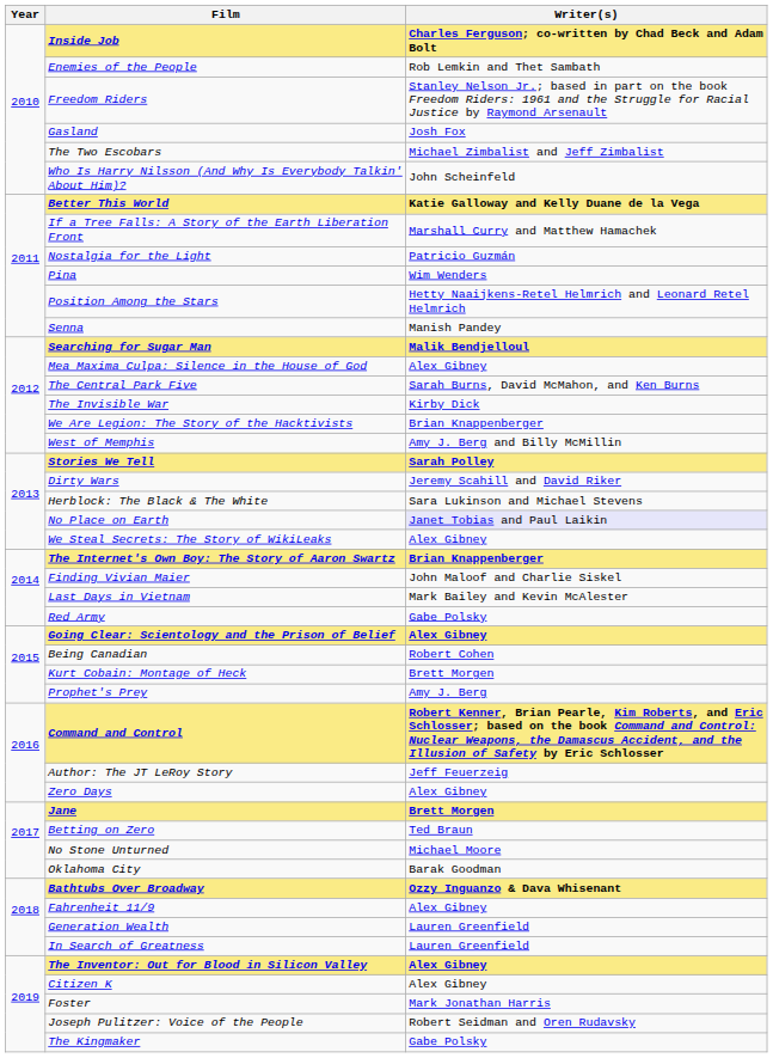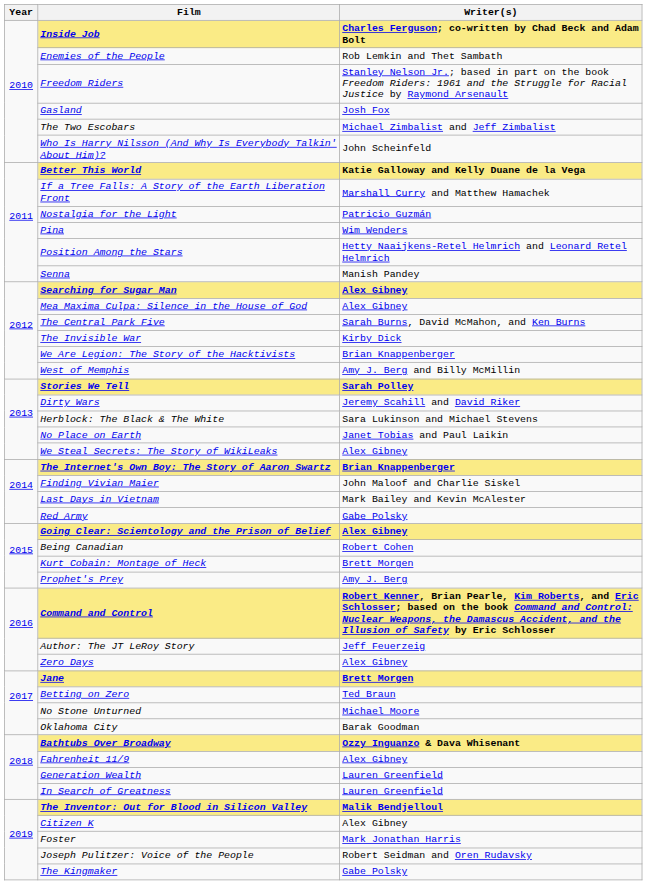 <table class="wikitable" width="95%" cellpadding="5">
 <tr>
 <th width="5%">Year</th>
 <th width="45%">Film</th>
 <th width="45%">Writer(s)</th>
 </tr>
 <tr>
 <td rowspan="6" style="text-align:center;"><a href='#'>2010</a><br><br></td>
 <td style="background:#FAEB86"><strong><em><a href='#'>Inside Job</a></em></strong></td>
 <td style="background:#FAEB86"><strong><a href='#'>Charles Ferguson</a>; co-written by Chad Beck and Adam Bolt</strong></td>
 </tr>
 <tr>
 <td><em><a href='#'>Enemies of the People</a></em></td>
 <td>Rob Lemkin and Thet Sambath</td>
 </tr>
 <tr>
 <td><em><a href='#'>Freedom Riders</a></em></td>
 <td><a href='#'>Stanley Nelson Jr.</a>; based in part on the book <em>Freedom Riders: 1961 and the Struggle for Racial Justice</em> by <a href='#'>Raymond Arsenault</a></td>
 </tr>
 <tr>
 <td><em><a href='#'>Gasland</a></em></td>
 <td><a href='#'>Josh Fox</a></td>
 </tr>
 <tr>
 <td><em>The Two Escobars</em></td>
 <td><a href='#'>Michael Zimbalist</a> and <a href='#'>Jeff Zimbalist</a></td>
 </tr>
 <tr>
 <td><em><a href='#'>Who Is Harry Nilsson (And Why Is Everybody Talkin' About Him)?</a></em></td>
 <td>John Scheinfeld</td>
 </tr>
 <tr>
 <td rowspan="6" style="text-align:center;"><a href='#'>2011</a><br><br></td>
 <td style="background:#FAEB86"><strong><em><a href='#'>Better This World</a></em></strong></td>
 <td style="background:#FAEB86"><strong>Katie Galloway and Kelly Duane de la Vega</strong></td>
 </tr>
 <tr>
 <td><em><a href='#'>If a Tree Falls: A Story of the Earth Liberation Front</a></em></td>
 <td><a href='#'>Marshall Curry</a> and Matthew Hamachek</td>
 </tr>
 <tr>
 <td><em><a href='#'>Nostalgia for the Light</a></em></td>
 <td><a href='#'>Patricio Guzmán</a></td>
 </tr>
 <tr>
 <td><em><a href='#'>Pina</a></em></td>
 <td><a href='#'>Wim Wenders</a></td>
 </tr>
 <tr>
 <td><em><a href='#'>Position Among the Stars</a></em></td>
 <td><a href='#'>Hetty Naaijkens-Retel Helmrich</a> and <a href='#'>Leonard Retel Helmrich</a></td>
 </tr>
 <tr>
 <td><em><a href='#'>Senna</a></em></td>
 <td>Manish Pandey</td>
 </tr>
 <tr>
 <td rowspan="6" style="text-align:center;"><a href='#'>2012</a><br><br></td>
 <td style="background:#FAEB86"><strong><em><a href='#'>Searching for Sugar Man</a></em></strong></td>
-<td style="background:#FAEB86"><strong><a href='#'>Malik Bendjelloul</a></strong></td>
+<td style="background:#FAEB86"><strong><a href='#'>Alex Gibney</a></strong></td>
 </tr>
 <tr>
 <td><em><a href='#'>Mea Maxima Culpa: Silence in the House of God</a></em></td>
 <td><a href='#'>Alex Gibney</a></td>
 </tr>
 <tr>
 <td><em><a href='#'>The Central Park Five</a></em></td>
 <td><a href='#'>Sarah Burns</a>, David McMahon, and <a href='#'>Ken Burns</a></td>
 </tr>
 <tr>
 <td><em><a href='#'>The Invisible War</a></em></td>
 <td><a href='#'>Kirby Dick</a></td>
 </tr>
 <tr>
 <td><em><a href='#'>We Are Legion: The Story of the Hacktivists</a></em></td>
 <td><a href='#'>Brian Knappenberger</a></td>
 </tr>
 <tr>
 <td><em><a href='#'>West of Memphis</a></em></td>
 <td><a href='#'>Amy J. Berg</a> and Billy McMillin</td>
 </tr>
 <tr>
 <td rowspan="5" style="text-align:center;"><a href='#'>2013</a><br><br></td>
 <td style="background:#FAEB86"><strong><em><a href='#'>Stories We Tell</a></em></strong></td>
 <td style="background:#FAEB86"><strong><a href='#'>Sarah Polley</a></strong></td>
 </tr>
 <tr>
 <td><em><a href='#'>Dirty Wars</a></em></td>
 <td><a href='#'>Jeremy Scahill</a> and <a href='#'>David Riker</a></td>
 </tr>
 <tr>
 <td><em>Herblock: The Black & The White</em></td>
 <td>Sara Lukinson and Michael Stevens</td>
 </tr>
 <tr>
 <td><em><a href='#'>No Place on Earth</a></em></td>
-<td style="background: lavender;"><a href='#'>Janet Tobias</a> and Paul Laikin</td>
+<td><a href='#'>Janet Tobias</a> and Paul Laikin</td>
 </tr>
 <tr>
 <td><em><a href='#'>We Steal Secrets: The Story of WikiLeaks</a></em></td>
 <td><a href='#'>Alex Gibney</a></td>
 </tr>
 <tr>
 <td rowspan="4" style="text-align:center;"><a href='#'>2014</a><br><br></td>
 <td style="background:#FAEB86"><strong><em><a href='#'>The Internet's Own Boy: The Story of Aaron Swartz</a></em></strong></td>
 <td style="background:#FAEB86"><strong><a href='#'>Brian Knappenberger</a></strong></td>
 </tr>
 <tr>
 <td><em><a href='#'>Finding Vivian Maier</a></em></td>
 <td>John Maloof and Charlie Siskel</td>
 </tr>
 <tr>
 <td><em><a href='#'>Last Days in Vietnam</a></em></td>
 <td>Mark Bailey and Kevin McAlester</td>
 </tr>
 <tr>
 <td><em><a href='#'>Red Army</a></em></td>
 <td><a href='#'>Gabe Polsky</a></td>
 </tr>
 <tr>
 <td rowspan="4" style="text-align:center;"><a href='#'>2015</a><br><br></td>
 <td style="background:#FAEB86"><strong><em><a href='#'>Going Clear: Scientology and the Prison of Belief</a></em></strong></td>
 <td style="background:#FAEB86"><strong><a href='#'>Alex Gibney</a></strong></td>
 </tr>
 <tr>
 <td><em>Being Canadian</em></td>
 <td><a href='#'>Robert Cohen</a></td>
 </tr>
 <tr>
 <td><em><a href='#'>Kurt Cobain: Montage of Heck</a></em></td>
 <td><a href='#'>Brett Morgen</a></td>
 </tr>
 <tr>
 <td><em><a href='#'>Prophet's Prey</a></em></td>
 <td><a href='#'>Amy J. Berg</a></td>
 </tr>
 <tr>
 <td rowspan="3" style="text-align:center;"><a href='#'>2016</a><br><br></td>
 <td style="background:#FAEB86"><strong><em><a href='#'>Command and Control</a></em></strong></td>
 <td style="background:#FAEB86"><strong><a href='#'>Robert Kenner</a>, Brian Pearle, <a href='#'>Kim Roberts</a>, and <a href='#'>Eric Schlosser</a>; based on the book <em><a href='#'>Command and Control: Nuclear Weapons, the Damascus Accident, and the Illusion of Safety</a></em> by Eric Schlosser</strong></td>
 </tr>
 <tr>
 <td><em>Author: The JT LeRoy Story</em></td>
 <td><a href='#'>Jeff Feuerzeig</a></td>
 </tr>
 <tr>
 <td><em><a href='#'>Zero Days</a></em></td>
 <td><a href='#'>Alex Gibney</a></td>
 </tr>
 <tr>
 <td rowspan="4" style="text-align:center;"><a href='#'>2017</a><br><br></td>
 <td style="background:#FAEB86"><strong><em><a href='#'>Jane</a></em></strong></td>
 <td style="background:#FAEB86"><strong><a href='#'>Brett Morgen</a></strong></td>
 </tr>
 <tr>
 <td><em><a href='#'>Betting on Zero</a></em></td>
 <td><a href='#'>Ted Braun</a></td>
 </tr>
 <tr>
 <td><em>No Stone Unturned</em></td>
 <td><a href='#'>Michael Moore</a></td>
 </tr>
 <tr>
 <td><em>Oklahoma City</em></td>
 <td>Barak Goodman</td>
 </tr>
 <tr>
 <td rowspan="4" style="text-align:center;"><a href='#'>2018</a><br><br></td>
 <td style="background:#FAEB86"><strong><em><a href='#'>Bathtubs Over Broadway</a></em></strong></td>
 <td style="background:#FAEB86"><strong><a href='#'>Ozzy Inguanzo</a> & Dava Whisenant</strong></td>
 </tr>
 <tr>
 <td><em><a href='#'>Fahrenheit 11/9</a></em></td>
 <td><a href='#'>Alex Gibney</a></td>
 </tr>
 <tr>
 <td><em><a href='#'>Generation Wealth</a></em></td>
 <td><a href='#'>Lauren Greenfield</a></td>
 </tr>
 <tr>
 <td><em><a href='#'>In Search of Greatness</a></em></td>
 <td><a href='#'>Lauren Greenfield</a></td>
 </tr>
 <tr>
 <td rowspan="5" style="text-align:center;"><a href='#'>2019</a><br><br></td>
 <td style="background:#FAEB86"><strong><em><a href='#'>The Inventor: Out for Blood in Silicon Valley</a></em></strong></td>
-<td style="background:#FAEB86"><strong><a href='#'>Alex Gibney</a></strong></td>
+<td style="background:#FAEB86"><strong><a href='#'>Malik Bendjelloul</a></strong></td>
 </tr>
 <tr>
 <td><em><a href='#'>Citizen K</a></em></td>
 <td>Alex Gibney</td>
 </tr>
 <tr>
 <td><em>Foster</em></td>
 <td><a href='#'>Mark Jonathan Harris</a></td>
 </tr>
 <tr>
 <td><em>Joseph Pulitzer: Voice of the People</em></td>
 <td>Robert Seidman and <a href='#'>Oren Rudavsky</a></td>
 </tr>
 <tr>
 <td><em><a href='#'>The Kingmaker</a></em></td>
 <td><a href='#'>Gabe Polsky</a></td>
 </tr>
 </table>
